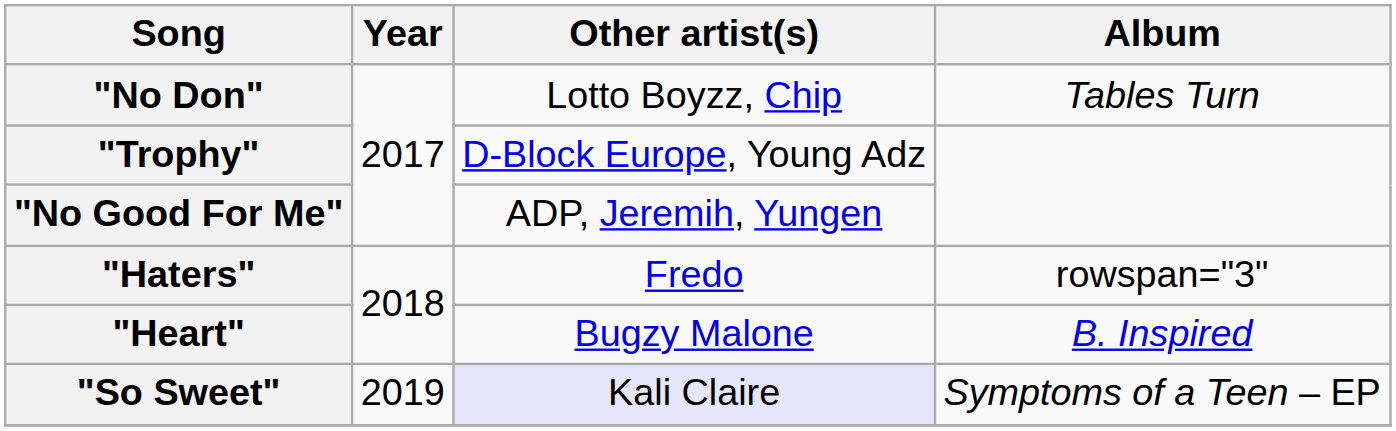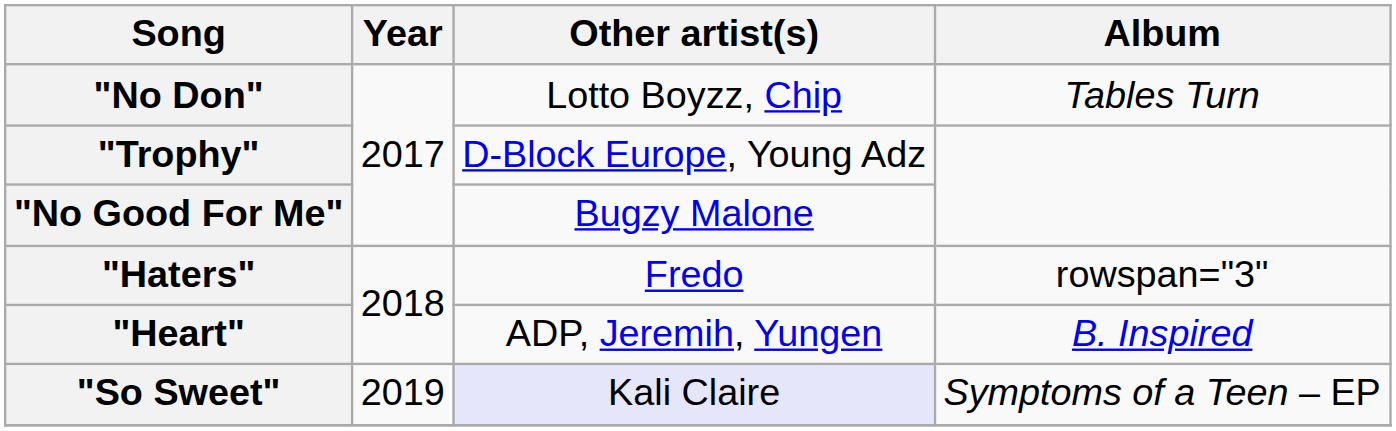 <table class="wikitable plainrowheaders" style="text-align:center;">
 <tr>
 <th scope="col">Song</th>
 <th scope="col">Year</th>
 <th scope="col">Other artist(s)</th>
 <th scope="col">Album</th>
 </tr>
 <tr>
 <th scope="row">"No Don" </th>
 <td rowspan="3">2017</td>
 <td>Lotto Boyzz, <a href='#'>Chip</a></td>
 <td><em>Tables Turn</em></td>
 </tr>
 <tr>
 <th scope="row">"Trophy" </th>
 <td><a href='#'>D-Block Europe</a>, Young Adz</td>
 </tr>
 <tr>
 <th scope="row">"No Good For Me" </th>
-<td>ADP, <a href='#'>Jeremih</a>, <a href='#'>Yungen</a></td>
+<td><a href='#'>Bugzy Malone</a></td>
 </tr>
 <tr>
 <th scope="row">"Haters"</th>
 <td rowspan="2">2018</td>
 <td><a href='#'>Fredo</a></td>
 <td>rowspan="3" </td>
 </tr>
 <tr>
 <th scope="row">"Heart"</th>
-<td><a href='#'>Bugzy Malone</a></td>
+<td>ADP, <a href='#'>Jeremih</a>, <a href='#'>Yungen</a></td>
 <td><em><a href='#'>B. Inspired</a></em></td>
 </tr>
 <tr>
 <th scope="row">"So Sweet"</th>
 <td>2019</td>
 <td style="background: lavender;">Kali Claire</td>
 <td><em>Symptoms of a Teen</em> – EP</td>
 </tr>
 <tr>
 </tr>
 </table>
